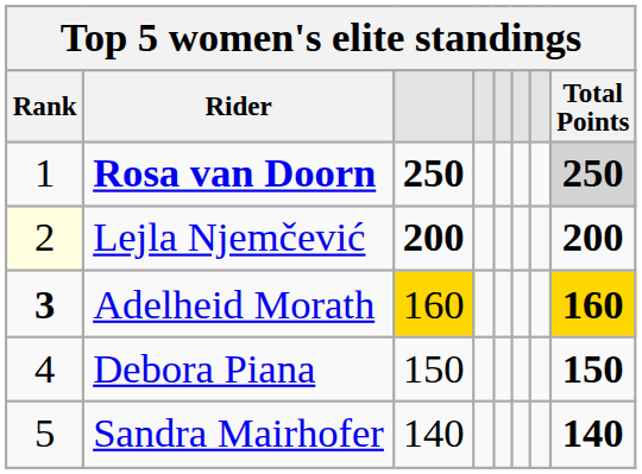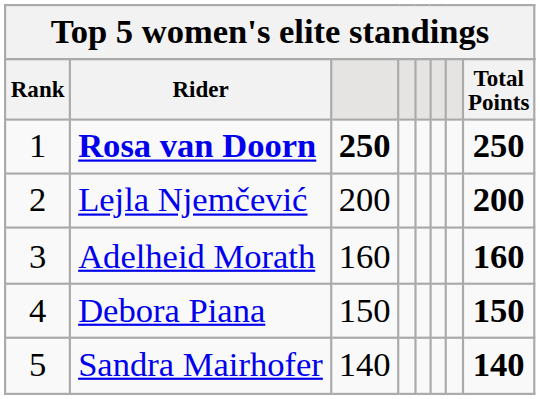 <table class="wikitable sortable">
 <tr>
 <th colspan=8 align="center"><strong>Top 5 women's elite standings</strong></th>
 </tr>
 <tr>
 </tr>
 <tr style="font-size:8pt;font-weight:bold">
 <th align="center">Rank</th>
 <th align="center">Rider</th>
 <th class=unsortable style="background:#E5E4E2;"><small></small></th>
 <th class=unsortable style="background:#E5E4E2;"><small></small></th>
 <th class=unsortable style="background:#E5E4E2;"><small></small></th>
 <th class=unsortable style="background:#E5E4E2;"><small></small></th>
 <th class=unsortable style="background:#E5E4E2;"><small></small></th>
 <th align="center">Total<br>Points</th>
 </tr>
 <tr>
 <td align=center>1</td>
 <td> <strong><a href='#'>Rosa van Doorn</a></strong></td>
 <td align=center><strong>250</strong></td>
 <td align=center></td>
 <td align=center></td>
 <td align=center></td>
 <td align=center></td>
-<td align=center style="background: lightgrey;"><strong>250</strong></td>
+<td align=center><strong>250</strong></td>
 </tr>
 <tr>
-<td align=center style="background: lightyellow;">2</td>
+<td align=center>2</td>
 <td> <a href='#'>Lejla Njemčević</a></td>
-<td align=center><strong>200</strong></td>
+<td align=center>200</td>
 <td align=center></td>
 <td align=center></td>
 <td align=center></td>
 <td align=center></td>
 <td align=center><strong>200</strong></td>
 </tr>
 <tr>
-<td align=center><strong>3</strong></td>
+<td align=center>3</td>
 <td> <a href='#'>Adelheid Morath</a></td>
-<td align=center style="background: gold;">160</td>
+<td align=center>160</td>
 <td align=center></td>
 <td align=center></td>
 <td align=center></td>
 <td align=center></td>
-<td align=center style="background: gold;"><strong>160</strong></td>
+<td align=center><strong>160</strong></td>
 </tr>
 <tr>
 <td align=center>4</td>
 <td> <a href='#'>Debora Piana</a></td>
 <td align=center>150</td>
 <td align=center></td>
 <td align=center></td>
 <td align=center></td>
 <td align=center></td>
 <td align=center><strong>150</strong></td>
 </tr>
 <tr>
 <td align=center>5</td>
 <td> <a href='#'>Sandra Mairhofer</a></td>
 <td align=center>140</td>
 <td align=center></td>
 <td align=center></td>
 <td align=center></td>
 <td align=center></td>
 <td align=center><strong>140</strong></td>
 </tr>
 </table>
